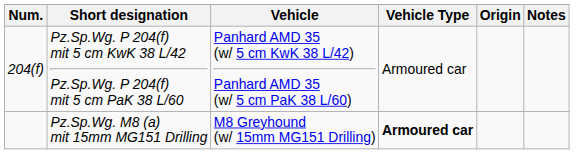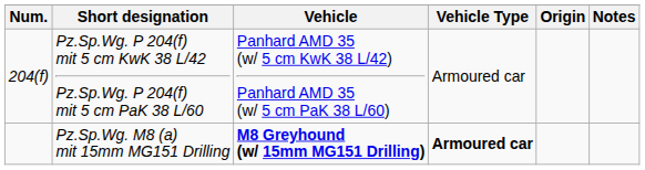 <table class="wikitable sortable">
 <tr>
 </tr>
 <tr>
 <th>Num.</th>
 <th>Short designation</th>
 <th>Vehicle</th>
 <th>Vehicle Type</th>
 <th>Origin</th>
 <th>Notes</th>
 </tr>
 <tr>
 <td><em>204(f)</em></td>
 <td><em>Pz.Sp.Wg. P 204(f)<br>mit 5 cm KwK 38 L/42<hr>Pz.Sp.Wg. P 204(f)<br>mit 5 cm PaK 38 L/60</em></td>
 <td><a href='#'>Panhard AMD 35</a><br>(w/ <a href='#'>5 cm KwK 38 L/42</a>)<hr><a href='#'>Panhard AMD 35</a><br>(w/ <a href='#'>5 cm PaK 38 L/60</a>)</td>
 <td>Armoured car</td>
 <td></td>
 <td></td>
 </tr>
 <tr>
 <td></td>
 <td><em>Pz.Sp.Wg. M8 (a)<br>mit 15mm MG151 Drilling</em></td>
-<td><a href='#'>M8 Greyhound</a><br>(w/ <a href='#'>15mm MG151 Drilling</a>)</td>
+<td><strong><a href='#'>M8 Greyhound</a><br>(w/ <a href='#'>15mm MG151 Drilling</a>)</strong></td>
 <td><strong>Armoured car</strong></td>
 <td></td>
 <td></td>
 </tr>
 </table>
